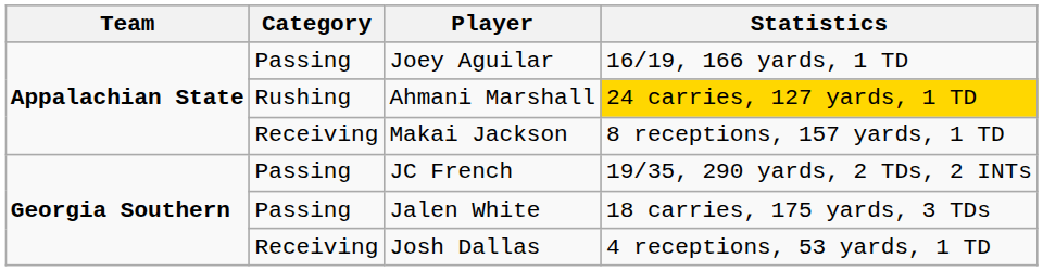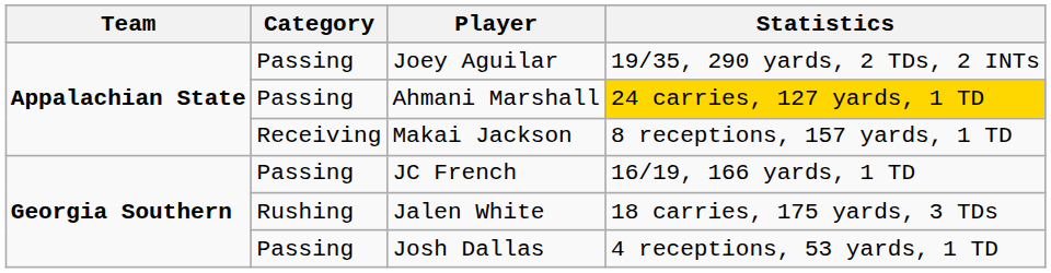 <table class="wikitable" style="float: right;">
 <tr>
 <th>Team</th>
 <th>Category</th>
 <th>Player</th>
 <th>Statistics</th>
 </tr>
 <tr>
 <td rowspan=3><strong>Appalachian State</strong></td>
 <td>Passing</td>
 <td>Joey Aguilar</td>
-<td>16/19, 166 yards, 1 TD</td>
+<td>19/35, 290 yards, 2 TDs, 2 INTs</td>
 </tr>
 <tr>
-<td>Rushing</td>
+<td>Passing</td>
 <td>Ahmani Marshall</td>
 <td style="background: gold;">24 carries, 127 yards, 1 TD</td>
 </tr>
 <tr>
 <td>Receiving</td>
 <td>Makai Jackson</td>
 <td>8 receptions, 157 yards, 1 TD</td>
 </tr>
 <tr>
 <td rowspan=3><strong>Georgia Southern</strong></td>
 <td>Passing</td>
 <td>JC French</td>
-<td>19/35, 290 yards, 2 TDs, 2 INTs</td>
+<td>16/19, 166 yards, 1 TD</td>
 </tr>
 <tr>
-<td>Passing</td>
+<td>Rushing</td>
 <td>Jalen White</td>
 <td>18 carries, 175 yards, 3 TDs</td>
 </tr>
 <tr>
-<td>Receiving</td>
+<td>Passing</td>
 <td>Josh Dallas</td>
 <td>4 receptions, 53 yards, 1 TD</td>
 </tr>
 </table>
